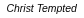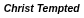 <table class="graytable" width="50%">
 <tr>
 <td width="25%"></td>
 </tr>
 <tr>
-<td align="center"><em>Christ Tempted</em></td>
+<td align="center"><strong><em>Christ Tempted</em></strong></td>
 </tr>
 </table>
